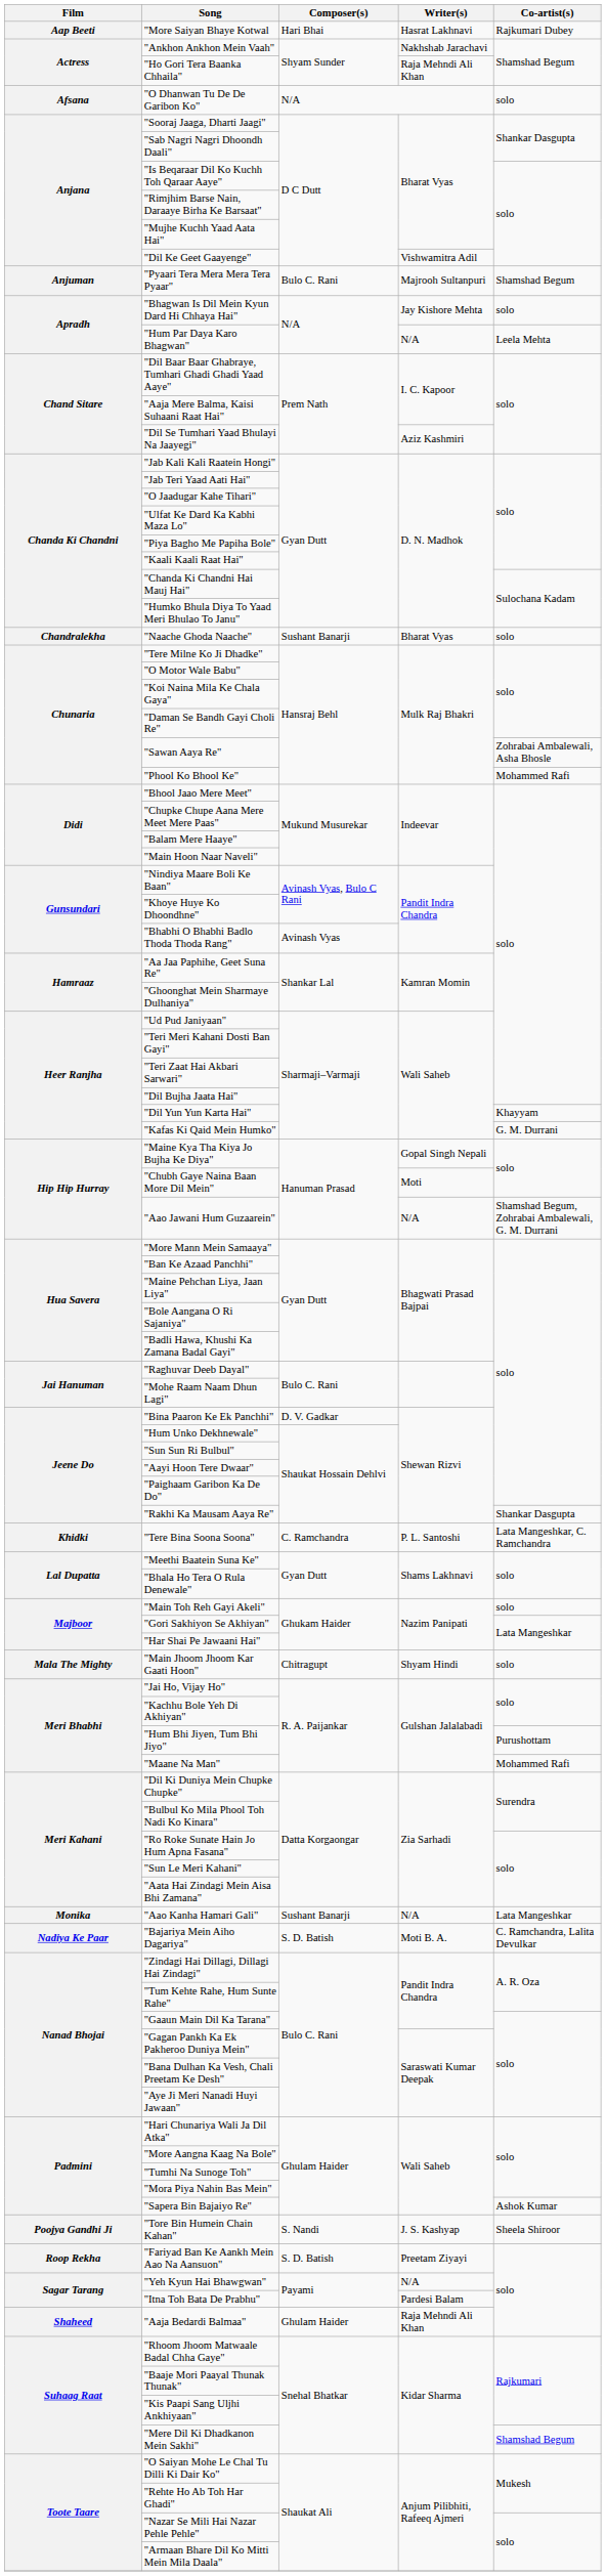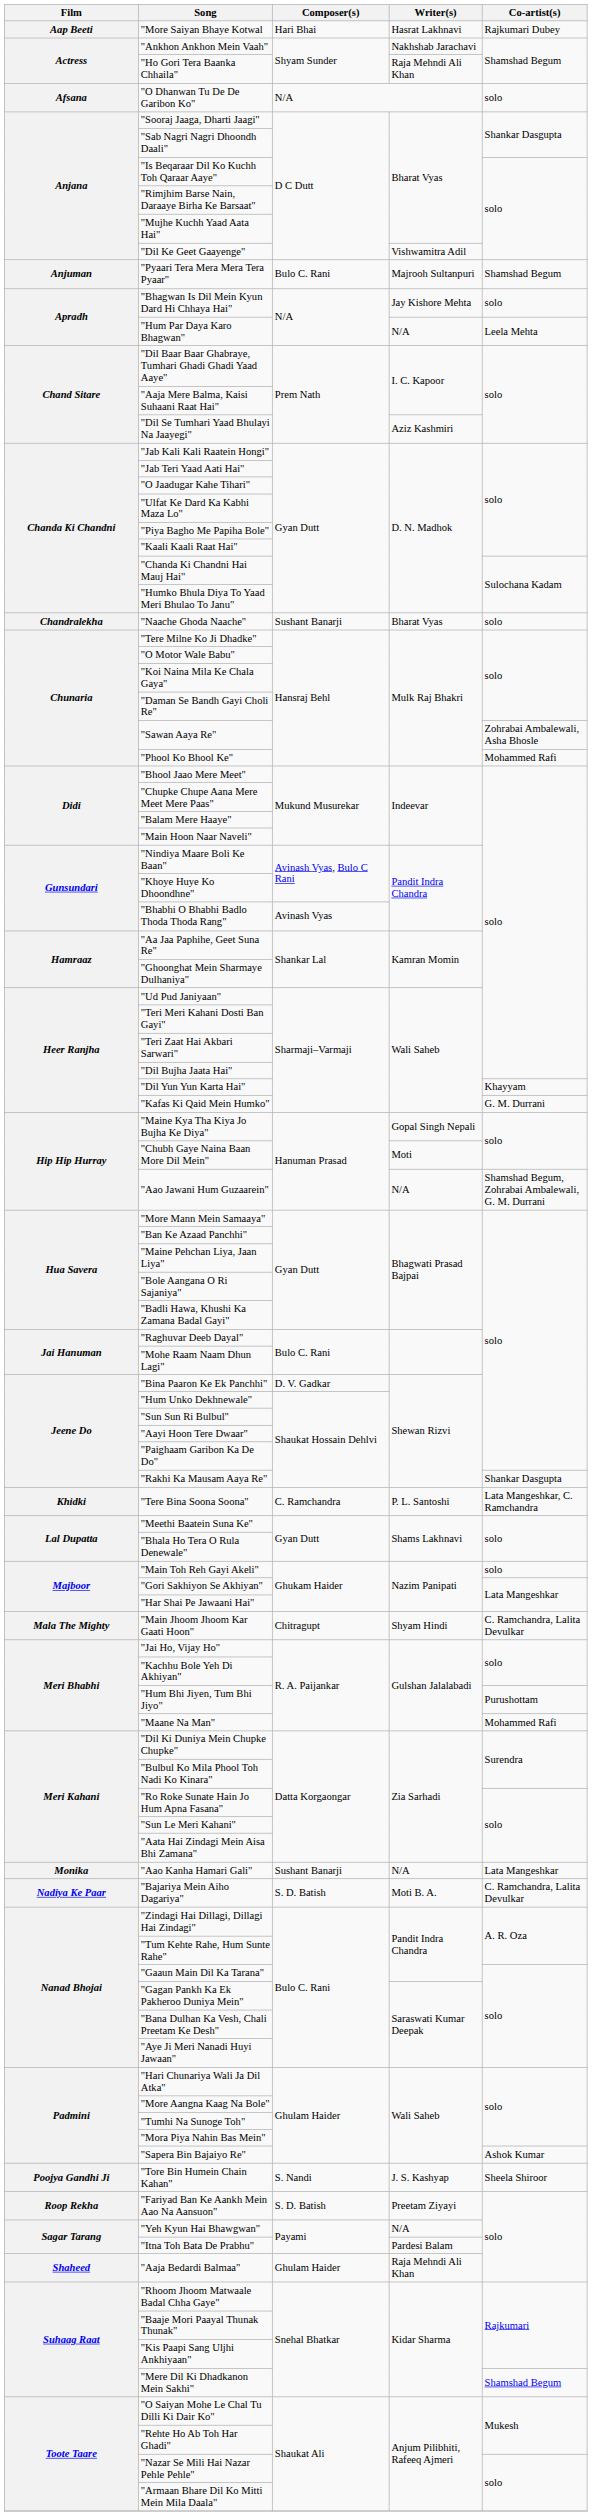 <table class="wikitable plainrowheaders" width="100%" textcolor:#000;">
 <tr style="background:#b0e0e66;">
 <th scope="col" width=23%><strong>Film</strong></th>
 <th scope="col" width=23%><strong>Song</strong></th>
 <th scope="col" width=20%><strong>Composer(s)</strong></th>
 <th scope="col" width=16%><strong>Writer(s)</strong></th>
 <th scope="col" width=18%><strong>Co-artist(s)</strong></th>
 </tr>
 <tr>
 <th><em>Aap Beeti</em></th>
 <td>"More Saiyan Bhaye Kotwal</td>
 <td>Hari Bhai</td>
 <td>Hasrat Lakhnavi</td>
 <td>Rajkumari Dubey</td>
 </tr>
 <tr>
 <th rowspan=2><em>Actress</em></th>
 <td>"Ankhon Ankhon Mein Vaah"</td>
 <td rowspan=2>Shyam Sunder</td>
 <td>Nakhshab Jarachavi</td>
 <td rowspan=2>Shamshad Begum</td>
 </tr>
 <tr>
 <td>"Ho Gori Tera Baanka Chhaila"</td>
 <td>Raja Mehndi Ali Khan</td>
 </tr>
 <tr>
 <th><em>Afsana</em></th>
 <td>"O Dhanwan Tu De De Garibon Ko"</td>
 <td colspan=2>N/A</td>
 <td>solo</td>
 </tr>
 <tr>
 <th rowspan=6><em>Anjana</em></th>
 <td>"Sooraj Jaaga, Dharti Jaagi"</td>
 <td rowspan=6>D C Dutt</td>
 <td rowspan=5>Bharat Vyas</td>
 <td rowspan=2>Shankar Dasgupta</td>
 </tr>
 <tr>
 <td>"Sab Nagri Nagri Dhoondh Daali"</td>
 </tr>
 <tr>
 <td>"Is Beqaraar Dil Ko Kuchh Toh Qaraar Aaye"</td>
 <td rowspan=4>solo</td>
 </tr>
 <tr>
 <td>"Rimjhim Barse Nain, Daraaye Birha Ke Barsaat"</td>
 </tr>
 <tr>
 <td>"Mujhe Kuchh Yaad Aata Hai"</td>
 </tr>
 <tr>
 <td>"Dil Ke Geet Gaayenge"</td>
 <td>Vishwamitra Adil</td>
 </tr>
 <tr>
 <th><em>Anjuman</em></th>
 <td>"Pyaari Tera Mera Mera Tera Pyaar"</td>
 <td>Bulo C. Rani</td>
 <td>Majrooh Sultanpuri</td>
 <td>Shamshad Begum</td>
 </tr>
 <tr>
 <th Rowspan=2><em>Apradh</em></th>
 <td>"Bhagwan Is Dil Mein Kyun Dard Hi Chhaya Hai"</td>
 <td rowspan=2>N/A</td>
 <td>Jay Kishore Mehta</td>
 <td>solo</td>
 </tr>
 <tr>
 <td>"Hum Par Daya Karo Bhagwan"</td>
 <td>N/A</td>
 <td>Leela Mehta</td>
 </tr>
 <tr>
 <th Rowspan=3><em>Chand Sitare</em></th>
 <td>"Dil Baar Baar Ghabraye, Tumhari Ghadi Ghadi Yaad Aaye"</td>
 <td rowspan=3>Prem Nath</td>
 <td rowspan=2>I. C. Kapoor</td>
 <td rowspan=3>solo</td>
 </tr>
 <tr>
 <td>"Aaja Mere Balma, Kaisi Suhaani Raat Hai"</td>
 </tr>
 <tr>
 <td>"Dil Se Tumhari Yaad Bhulayi Na Jaayegi"</td>
 <td>Aziz Kashmiri</td>
 </tr>
 <tr>
 <th Rowspan=8><em>Chanda Ki Chandni</em></th>
 <td>"Jab Kali Kali Raatein Hongi"</td>
 <td rowspan=8>Gyan Dutt</td>
 <td rowspan=8>D. N. Madhok</td>
 <td rowspan=6>solo</td>
 </tr>
 <tr>
 <td>"Jab Teri Yaad Aati Hai"</td>
 </tr>
 <tr>
 <td>"O Jaadugar Kahe Tihari"</td>
 </tr>
 <tr>
 <td>"Ulfat Ke Dard Ka Kabhi Maza Lo"</td>
 </tr>
 <tr>
 <td>"Piya Bagho Me Papiha Bole"</td>
 </tr>
 <tr>
 <td>"Kaali Kaali Raat Hai"</td>
 </tr>
 <tr>
 <td>"Chanda Ki Chandni Hai Mauj Hai"</td>
 <td rowspan=2>Sulochana Kadam</td>
 </tr>
 <tr>
 <td>"Humko Bhula Diya To Yaad Meri Bhulao To Janu"</td>
 </tr>
 <tr>
 <th><em>Chandralekha</em></th>
 <td>"Naache Ghoda Naache"</td>
 <td>Sushant Banarji</td>
 <td>Bharat Vyas</td>
 <td>solo</td>
 </tr>
 <tr>
 <th Rowspan=6><em>Chunaria</em></th>
 <td>"Tere Milne Ko Ji Dhadke"</td>
 <td rowspan=6>Hansraj Behl</td>
 <td rowspan=6>Mulk Raj Bhakri</td>
 <td rowspan=4>solo</td>
 </tr>
 <tr>
 <td>"O Motor Wale Babu"</td>
 </tr>
 <tr>
 <td>"Koi Naina Mila Ke Chala Gaya"</td>
 </tr>
 <tr>
 <td>"Daman Se Bandh Gayi Choli Re"</td>
 </tr>
 <tr>
 <td>"Sawan Aaya Re"</td>
 <td>Zohrabai Ambalewali, Asha Bhosle</td>
 </tr>
 <tr>
 <td>"Phool Ko Bhool Ke"</td>
 <td>Mohammed Rafi</td>
 </tr>
 <tr>
 <th rowspan=4><em>Didi</em></th>
 <td>"Bhool Jaao Mere Meet"</td>
 <td rowspan=4>Mukund Musurekar</td>
 <td rowspan=4>Indeevar</td>
 <td rowspan=13>solo</td>
 </tr>
 <tr>
 <td>"Chupke Chupe Aana Mere Meet Mere Paas"</td>
 </tr>
 <tr>
 <td>"Balam Mere Haaye"</td>
 </tr>
 <tr>
 <td>"Main Hoon Naar Naveli"</td>
 </tr>
 <tr>
 <th rowspan=3><em><a href='#'>Gunsundari</a></em></th>
 <td>"Nindiya Maare Boli Ke Baan"</td>
 <td Rowspan=2><a href='#'>Avinash Vyas</a>, <a href='#'>Bulo C Rani</a></td>
 <td rowspan=3><a href='#'>Pandit Indra Chandra</a></td>
 </tr>
 <tr>
 <td>"Khoye Huye Ko Dhoondhne"</td>
 </tr>
 <tr>
 <td>"Bhabhi O Bhabhi Badlo Thoda Thoda Rang"</td>
 <td>Avinash Vyas</td>
 </tr>
 <tr>
 <th rowspan=2><em>Hamraaz</em></th>
 <td>"Aa Jaa Paphihe, Geet Suna Re"</td>
 <td rowspan=2>Shankar Lal</td>
 <td rowspan=2>Kamran Momin</td>
 </tr>
 <tr>
 <td>"Ghoonghat Mein Sharmaye Dulhaniya"</td>
 </tr>
 <tr>
 <th Rowspan=6><em>Heer Ranjha</em></th>
 <td>"Ud Pud Janiyaan"</td>
 <td rowspan=6>Sharmaji–Varmaji</td>
 <td rowspan=6>Wali Saheb</td>
 </tr>
 <tr>
 <td>"Teri Meri Kahani Dosti Ban Gayi"</td>
 </tr>
 <tr>
 <td>"Teri Zaat Hai Akbari Sarwari"</td>
 </tr>
 <tr>
 <td>"Dil Bujha Jaata Hai"</td>
 </tr>
 <tr>
 <td>"Dil Yun Yun Karta Hai"</td>
 <td>Khayyam</td>
 </tr>
 <tr>
 <td>"Kafas Ki Qaid Mein Humko"</td>
 <td>G. M. Durrani</td>
 </tr>
 <tr>
 <th Rowspan=3><em>Hip Hip Hurray</em></th>
 <td>"Maine Kya Tha Kiya Jo Bujha Ke Diya"</td>
 <td rowspan=3>Hanuman Prasad</td>
 <td>Gopal Singh Nepali</td>
 <td rowspan=2>solo</td>
 </tr>
 <tr>
 <td>"Chubh Gaye Naina Baan More Dil Mein"</td>
 <td>Moti</td>
 </tr>
 <tr>
 <td>"Aao Jawani Hum Guzaarein"</td>
 <td>N/A</td>
 <td>Shamshad Begum, Zohrabai Ambalewali, G. M. Durrani</td>
 </tr>
 <tr>
 <th rowspan=5><em>Hua Savera</em></th>
 <td>"More Mann Mein Samaaya"</td>
 <td rowspan=5>Gyan Dutt</td>
 <td rowspan=5>Bhagwati Prasad Bajpai</td>
 <td Rowspan=12>solo</td>
 </tr>
 <tr>
 <td>"Ban Ke Azaad Panchhi"</td>
 </tr>
 <tr>
 <td>"Maine Pehchan Liya, Jaan Liya"</td>
 </tr>
 <tr>
 <td>"Bole Aangana O Ri Sajaniya"</td>
 </tr>
 <tr>
 <td>"Badli Hawa, Khushi Ka Zamana Badal Gayi"</td>
 </tr>
 <tr>
 <th Rowspan=2><em>Jai Hanuman</em></th>
 <td>"Raghuvar Deeb Dayal"</td>
 <td rowspan=2>Bulo C. Rani</td>
 </tr>
 <tr>
 <td>"Mohe Raam Naam Dhun Lagi"</td>
 </tr>
 <tr>
 <th Rowspan=6><em>Jeene Do</em></th>
 <td>"Bina Paaron Ke Ek Panchhi"</td>
 <td>D. V. Gadkar</td>
 <td rowspan=6>Shewan Rizvi</td>
 </tr>
 <tr>
 <td>"Hum Unko Dekhnewale"</td>
 <td rowspan=5>Shaukat Hossain Dehlvi</td>
 </tr>
 <tr>
 <td>"Sun Sun Ri Bulbul"</td>
 </tr>
 <tr>
 <td>"Aayi Hoon Tere Dwaar"</td>
 </tr>
 <tr>
 <td>"Paighaam Garibon Ka De Do"</td>
 </tr>
 <tr>
 <td>"Rakhi Ka Mausam Aaya Re"</td>
 <td>Shankar Dasgupta</td>
 </tr>
 <tr>
 <th><em>Khidki</em></th>
 <td>"Tere Bina Soona Soona"</td>
 <td>C. Ramchandra</td>
 <td>P. L. Santoshi</td>
 <td>Lata Mangeshkar, C. Ramchandra</td>
 </tr>
 <tr>
 <th Rowspan=2><em>Lal Dupatta</em></th>
 <td>"Meethi Baatein Suna Ke"</td>
 <td rowspan=2>Gyan Dutt</td>
 <td rowspan=2>Shams Lakhnavi</td>
 <td rowspan=2>solo</td>
 </tr>
 <tr>
 <td>"Bhala Ho Tera O Rula Denewale"</td>
 </tr>
 <tr>
 <th Rowspan=3><em><a href='#'>Majboor</a></em></th>
 <td>"Main Toh Reh Gayi Akeli"</td>
 <td rowspan=3>Ghukam Haider</td>
 <td rowspan=3>Nazim Panipati</td>
 <td>solo</td>
 </tr>
 <tr>
 <td>"Gori Sakhiyon Se Akhiyan"</td>
 <td rowspan=2>Lata Mangeshkar</td>
 </tr>
 <tr>
 <td>"Har Shai Pe Jawaani Hai"</td>
 </tr>
 <tr>
 <th><em>Mala The Mighty</em></th>
 <td>"Main Jhoom Jhoom Kar Gaati Hoon"</td>
 <td>Chitragupt</td>
 <td>Shyam Hindi</td>
-<td>solo</td>
+<td>C. Ramchandra,  Lalita Devulkar</td>
 </tr>
 <tr>
 <th Rowspan=4><em>Meri Bhabhi</em></th>
 <td>"Jai Ho, Vijay Ho"</td>
 <td rowspan=4>R. A. Paijankar</td>
 <td rowspan=4>Gulshan Jalalabadi</td>
 <td rowspan=2>solo</td>
 </tr>
 <tr>
 <td>"Kachhu Bole Yeh Di Akhiyan"</td>
 </tr>
 <tr>
 <td>"Hum Bhi Jiyen, Tum Bhi Jiyo"</td>
 <td>Purushottam</td>
 </tr>
 <tr>
 <td>"Maane Na Man"</td>
 <td>Mohammed Rafi</td>
 </tr>
 <tr>
 <th rowspan=5><em>Meri Kahani</em></th>
 <td>"Dil Ki Duniya Mein Chupke Chupke"</td>
 <td rowspan=5>Datta Korgaongar</td>
 <td rowspan=5>Zia Sarhadi</td>
 <td rowspan=2>Surendra</td>
 </tr>
 <tr>
 <td>"Bulbul Ko Mila Phool Toh Nadi Ko Kinara"</td>
 </tr>
 <tr>
 <td>"Ro Roke Sunate Hain Jo Hum Apna Fasana"</td>
 <td rowspan=3>solo</td>
 </tr>
 <tr>
 <td>"Sun Le Meri Kahani"</td>
 </tr>
 <tr>
 <td>"Aata Hai Zindagi Mein Aisa Bhi Zamana"</td>
 </tr>
 <tr>
 <th><em>Monika</em></th>
 <td>"Aao Kanha Hamari Gali"</td>
 <td>Sushant Banarji</td>
 <td>N/A</td>
 <td>Lata Mangeshkar</td>
 </tr>
 <tr>
 <th><em><a href='#'>Nadiya Ke Paar</a></em></th>
 <td>"Bajariya Mein Aiho Dagariya"</td>
 <td>S. D. Batish</td>
 <td>Moti B. A.</td>
 <td>C. Ramchandra,  Lalita Devulkar</td>
 </tr>
 <tr>
 <th rowspan=6><em>Nanad Bhojai</em></th>
 <td>"Zindagi Hai Dillagi, Dillagi Hai Zindagi"</td>
 <td rowspan=6>Bulo C. Rani</td>
 <td rowspan=3>Pandit Indra Chandra</td>
 <td rowspan=2>A. R. Oza</td>
 </tr>
 <tr>
 <td>"Tum Kehte Rahe, Hum Sunte Rahe"</td>
 </tr>
 <tr>
 <td>"Gaaun Main Dil Ka Tarana"</td>
 <td rowspan=4>solo</td>
 </tr>
 <tr>
 <td>"Gagan Pankh Ka Ek Pakheroo Duniya Mein"</td>
 <td rowspan=3>Saraswati Kumar Deepak</td>
 </tr>
 <tr>
 <td>"Bana Dulhan Ka Vesh, Chali Preetam Ke Desh"</td>
 </tr>
 <tr>
 <td>"Aye Ji Meri Nanadi Huyi Jawaan"</td>
 </tr>
 <tr>
 <th Rowspan=5><em>Padmini</em></th>
 <td>"Hari Chunariya Wali Ja Dil Atka"</td>
 <td rowspan=5>Ghulam Haider</td>
 <td rowspan=5>Wali Saheb</td>
 <td rowspan=4>solo</td>
 </tr>
 <tr>
 <td>"More Aangna Kaag Na Bole"</td>
 </tr>
 <tr>
 <td>"Tumhi Na Sunoge Toh"</td>
 </tr>
 <tr>
 <td>"Mora Piya Nahin Bas Mein"</td>
 </tr>
 <tr>
 <td>"Sapera Bin Bajaiyo Re"</td>
 <td>Ashok Kumar</td>
 </tr>
 <tr>
 <th Rowspan=1><em>Poojya Gandhi Ji</em></th>
 <td>"Tore Bin Humein Chain Kahan"</td>
 <td>S. Nandi</td>
 <td>J. S. Kashyap</td>
 <td>Sheela Shiroor</td>
 </tr>
 <tr>
 <th><em>Roop Rekha</em></th>
 <td>"Fariyad Ban Ke Aankh Mein Aao Na Aansuon"</td>
 <td>S. D. Batish</td>
 <td>Preetam Ziyayi</td>
 <td Rowspan=4>solo</td>
 </tr>
 <tr>
 <th Rowspan=2><em>Sagar Tarang</em></th>
 <td>"Yeh Kyun Hai Bhawgwan"</td>
 <td Rowspan=2>Payami</td>
 <td>N/A</td>
 </tr>
 <tr>
 <td>"Itna Toh Bata De Prabhu"</td>
 <td>Pardesi Balam</td>
 </tr>
 <tr>
 <th><em><a href='#'>Shaheed</a></em></th>
 <td>"Aaja Bedardi Balmaa"</td>
 <td>Ghulam Haider</td>
 <td>Raja Mehndi Ali Khan</td>
 </tr>
 <tr>
 <th Rowspan=4><em><a href='#'>Suhaag Raat</a></em></th>
 <td>"Rhoom Jhoom Matwaale Badal Chha Gaye"</td>
 <td rowspan=4>Snehal Bhatkar</td>
 <td rowspan=4>Kidar Sharma</td>
 <td rowspan=3><a href='#'>Rajkumari</a></td>
 </tr>
 <tr>
 <td>"Baaje Mori Paayal Thunak Thunak"</td>
 </tr>
 <tr>
 <td>"Kis Paapi Sang Uljhi Ankhiyaan"</td>
 </tr>
 <tr>
 <td>"Mere Dil Ki Dhadkanon Mein Sakhi"</td>
 <td><a href='#'>Shamshad Begum</a></td>
 </tr>
 <tr>
 <th Rowspan=4><em><a href='#'>Toote Taare</a></em></th>
 <td>"O Saiyan Mohe Le Chal Tu Dilli Ki Dair Ko"</td>
 <td rowspan=4>Shaukat Ali</td>
 <td rowspan=4>Anjum Pilibhiti, Rafeeq Ajmeri</td>
 <td rowspan=2>Mukesh</td>
 </tr>
 <tr>
 <td>"Rehte Ho Ab Toh Har Ghadi"</td>
 </tr>
 <tr>
 <td>"Nazar Se Mili Hai Nazar Pehle Pehle"</td>
 <td rowspan=2>solo</td>
 </tr>
 <tr>
 <td>"Armaan Bhare Dil Ko Mitti Mein Mila Daala"</td>
 </tr>
 <tr>
 </tr>
 </table>
